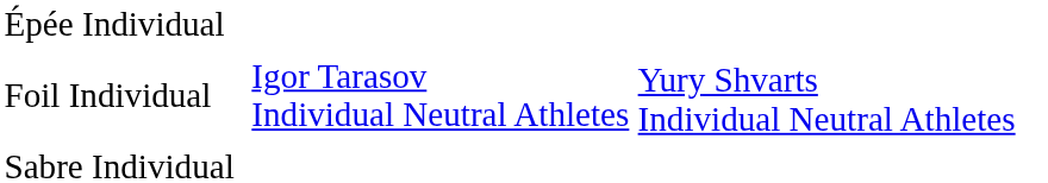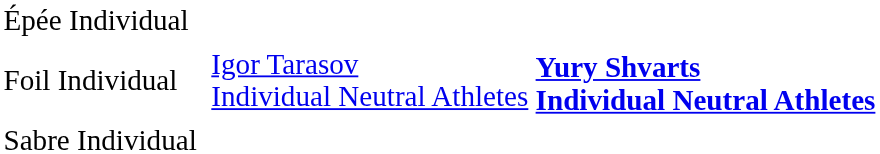 <table>
 <tr>
 <td rowspan="2">Épée Individual</td>
 <td rowspan="2"></td>
 <td rowspan="2"></td>
 <td></td>
 </tr>
 <tr>
 <td></td>
 </tr>
 <tr>
 <td rowspan="2">Foil Individual</td>
 <td rowspan="2"></td>
 <td rowspan="2"><a href='#'>Igor Tarasov</a><br><a href='#'>Individual Neutral Athletes</a></td>
 <td></td>
 </tr>
 <tr>
-<td {{flagmedalist><a href='#'>Yury Shvarts</a><br><a href='#'>Individual Neutral Athletes</a></td>
+<td {{flagmedalist><strong><a href='#'>Yury Shvarts</a><br><a href='#'>Individual Neutral Athletes</a></strong></td>
 </tr>
 <tr>
 <td rowspan="2">Sabre Individual</td>
 <td rowspan="2"></td>
 <td rowspan="2"></td>
 <td></td>
 </tr>
 <tr>
 <td></td>
 </tr>
 </table>
